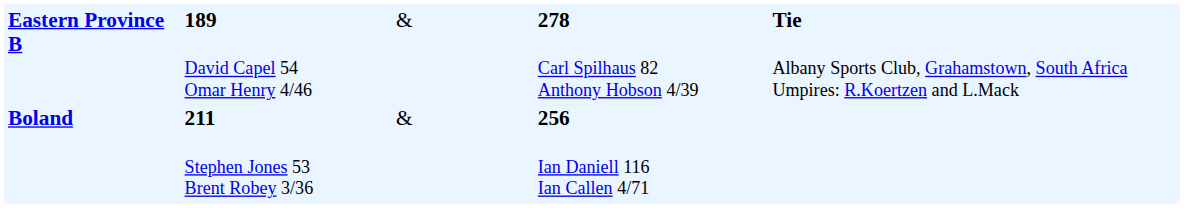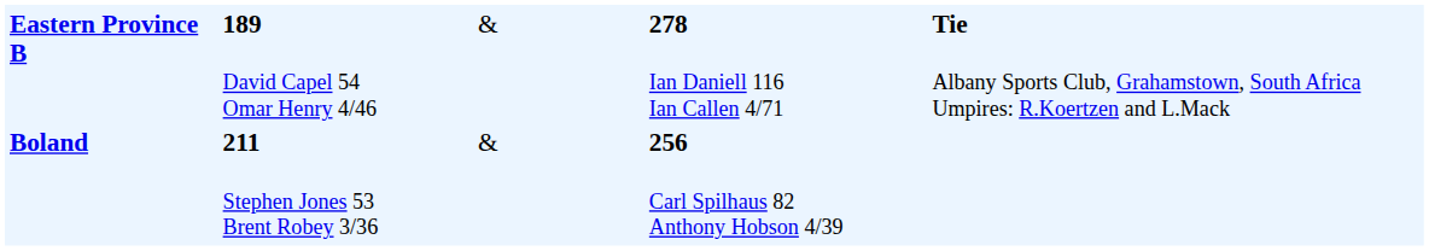 <table width="100%" style="background: #EBF5FF">
 <tr>
 <td width="15%" valign="top" rowspan="2"><strong><a href='#'>Eastern Province B</a></strong></td>
 <td width="18%"><strong>189</strong></td>
 <td width="12%">&</td>
 <td width="20%"><strong>278</strong></td>
 <td width="35%"><strong>Tie</strong></td>
 </tr>
 <tr>
 <td style="font-size: 85%;" valign="top"><br><a href='#'>David Capel</a> 54<br> <a href='#'>Omar Henry</a> 4/46</td>
 <td></td>
-<td valign="top" style="font-size: 85%;"><br><a href='#'>Carl Spilhaus</a> 82<br> <a href='#'>Anthony Hobson</a> 4/39</td>
+<td style="font-size: 85%;"><br><a href='#'>Ian Daniell</a> 116<br> <a href='#'>Ian Callen</a> 4/71</td>
 <td valign="top" style="font-size: 85%;" rowspan="3"><br>Albany Sports Club, <a href='#'>Grahamstown</a>, <a href='#'>South Africa</a><br> Umpires: <a href='#'>R.Koertzen</a> and L.Mack</td>
 </tr>
 <tr>
 <td valign="top" rowspan="2"><strong><a href='#'>Boland</a></strong></td>
 <td><strong>211</strong></td>
 <td>&</td>
 <td><strong>256</strong></td>
 </tr>
 <tr>
 <td style="font-size: 85%;"><br><a href='#'>Stephen Jones</a> 53<br> <a href='#'>Brent Robey</a> 3/36</td>
 <td></td>
-<td style="font-size: 85%;"><br><a href='#'>Ian Daniell</a> 116<br> <a href='#'>Ian Callen</a> 4/71</td>
+<td valign="top" style="font-size: 85%;"><br><a href='#'>Carl Spilhaus</a> 82<br> <a href='#'>Anthony Hobson</a> 4/39</td>
 </tr>
 </table>
